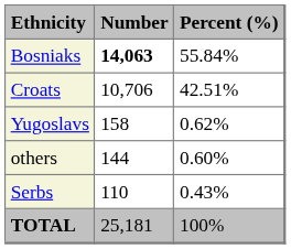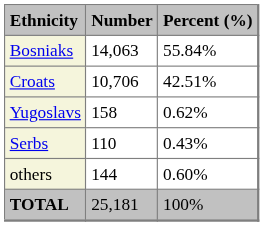 <table border=1 cellpadding=4 cellspacing=0 class="toccolours" style="align: left; margin: 0.5em 0 0 0; border-style: solid; border: 1px solid #7f7f7f; border-right-width: 2px; border-bottom-width: 2px; border-collapse: collapse; font-size: 95%;">
 <tr>
 <td style="background:#c1c1c1;"><strong>Ethnicity</strong></td>
 <td colspan=1 style="background:#c1c1c1;" align="center"><strong>Number</strong></td>
 <td colspan=1 style="background:#c1c1c1;" align="center"><strong>Percent (%)</strong></td>
 </tr>
 <tr>
 <td style="background:#F5F5DC;"><a href='#'>Bosniaks</a></td>
-<td><strong>14,063</strong></td>
+<td>14,063</td>
 <td>55.84%</td>
 </tr>
 <tr>
 <td style="background:#F5F5DC;"><a href='#'>Croats</a></td>
 <td>10,706</td>
 <td>42.51%</td>
 </tr>
 <tr>
 <td style="background:#F5F5DC;"><a href='#'>Yugoslavs</a></td>
 <td>158</td>
 <td>0.62%</td>
 </tr>
 <tr>
+<td style="background:#F5F5DC;"><a href='#'>Serbs</a></td>
+<td>110</td>
+<td>0.43%</td>
+</tr>
+<tr>
 <td style="background:#F5F5DC;">others</td>
 <td>144</td>
 <td>0.60%</td>
-</tr>
-<tr>
-<td style="background:#F5F5DC;"><a href='#'>Serbs</a></td>
-<td>110</td>
-<td>0.43%</td>
 </tr>
 <tr>
 <td style="background:#c1c1c1;"><strong>TOTAL</strong></td>
 <td style="background:#c1c1c1;">25,181</td>
 <td style="background:#c1c1c1;">100%</td>
 </tr>
 </table>
